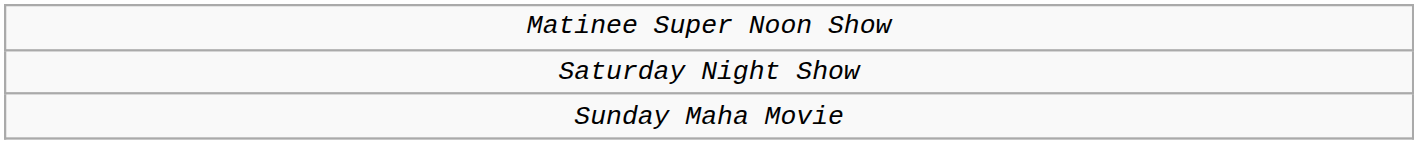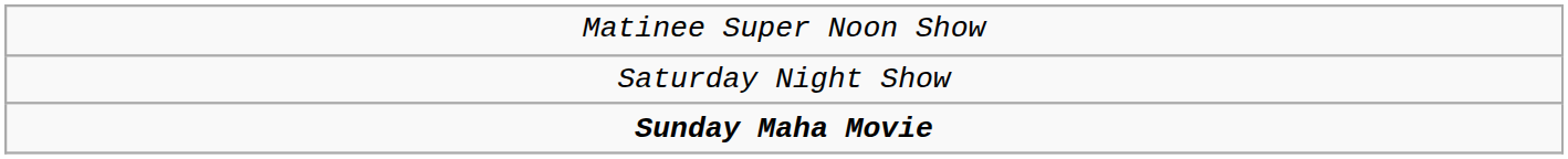 <table class="wikitable sortable" style="border-collapse:collapse; font-size: 90%; text-align:center" width="100%">
 <tr>
 <td><em>Matinee Super Noon Show</em></td>
 </tr>
 <tr>
 <td><em>Saturday Night Show</em></td>
 </tr>
 <tr>
-<td><em>Sunday Maha Movie</em></td>
+<td><strong><em>Sunday Maha Movie</em></strong></td>
 </tr>
 </table>
